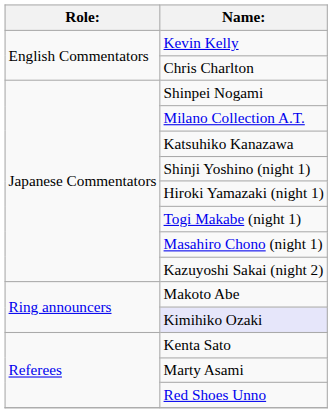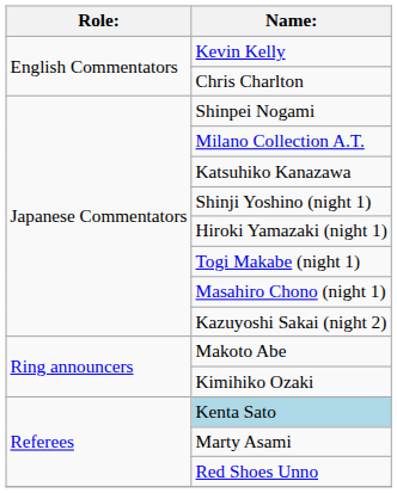 <table class=wikitable style="font-size:90%; margin: 0.5em 0 0.5em 1em; float: right; clear: right;">
 <tr>
 <th>Role:</th>
 <th>Name:</th>
 </tr>
 <tr>
 <td rowspan="2">English Commentators</td>
 <td><a href='#'>Kevin Kelly</a></td>
 </tr>
 <tr>
 <td>Chris Charlton</td>
 </tr>
 <tr>
 <td rowspan="8">Japanese Commentators</td>
 <td>Shinpei Nogami</td>
 </tr>
 <tr>
 <td><a href='#'>Milano Collection A.T.</a></td>
 </tr>
 <tr>
 <td>Katsuhiko Kanazawa</td>
 </tr>
 <tr>
 <td>Shinji Yoshino (night 1)</td>
 </tr>
 <tr>
 <td>Hiroki Yamazaki (night 1)</td>
 </tr>
 <tr>
 <td><a href='#'>Togi Makabe</a> (night 1)</td>
 </tr>
 <tr>
 <td><a href='#'>Masahiro Chono</a> (night 1)</td>
 </tr>
 <tr>
 <td>Kazuyoshi Sakai (night 2)</td>
 </tr>
 <tr>
 <td rowspan=2><a href='#'>Ring announcers</a></td>
 <td>Makoto Abe</td>
 </tr>
 <tr>
-<td style="background: lavender;">Kimihiko Ozaki</td>
+<td>Kimihiko Ozaki</td>
 </tr>
 <tr>
 <td rowspan="3"><a href='#'>Referees</a></td>
-<td>Kenta Sato</td>
+<td style="background: lightblue;">Kenta Sato</td>
 </tr>
 <tr>
 <td>Marty Asami</td>
 </tr>
 <tr>
 <td><a href='#'>Red Shoes Unno</a></td>
 </tr>
 <tr>
 </tr>
 </table>
